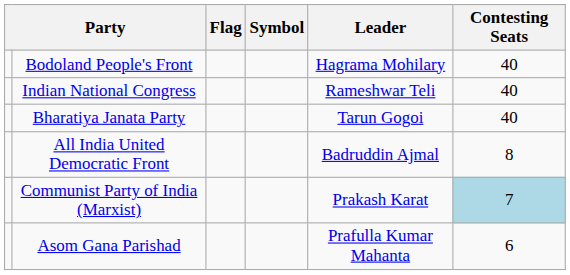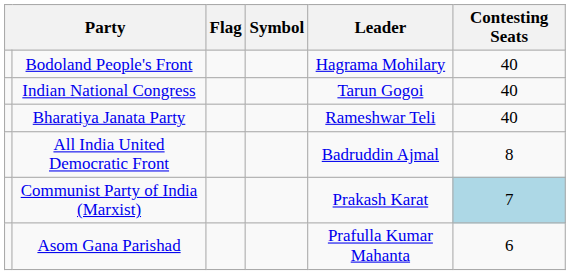 <table class="wikitable" width="60%" style="text-align:center">
 <tr>
 <th colspan="2">Party</th>
 <th>Flag</th>
 <th>Symbol</th>
 <th>Leader</th>
 <th>Contesting Seats</th>
 </tr>
 <tr>
 <td></td>
 <td><a href='#'>Bodoland People's Front</a></td>
 <td></td>
 <td></td>
 <td><a href='#'>Hagrama Mohilary</a></td>
 <td>40</td>
 </tr>
 <tr>
 <td></td>
 <td><a href='#'>Indian National Congress</a></td>
 <td></td>
 <td></td>
-<td><a href='#'>Rameshwar Teli</a></td>
+<td><a href='#'>Tarun Gogoi</a></td>
 <td>40</td>
 </tr>
 <tr>
 <td></td>
 <td><a href='#'>Bharatiya Janata Party</a></td>
 <td></td>
 <td></td>
-<td><a href='#'>Tarun Gogoi</a></td>
+<td><a href='#'>Rameshwar Teli</a></td>
 <td>40</td>
 </tr>
 <tr>
 <td></td>
 <td><a href='#'>All India United Democratic Front</a></td>
 <td></td>
 <td></td>
 <td><a href='#'>Badruddin Ajmal</a></td>
 <td>8</td>
 </tr>
 <tr>
 <td></td>
 <td><a href='#'>Communist Party of India (Marxist)</a></td>
 <td></td>
 <td></td>
 <td><a href='#'>Prakash Karat</a></td>
 <td style="background: lightblue;">7</td>
 </tr>
 <tr>
 <td></td>
 <td><a href='#'>Asom Gana Parishad</a></td>
 <td></td>
 <td></td>
 <td><a href='#'>Prafulla Kumar Mahanta</a></td>
 <td>6</td>
 </tr>
 </table>
